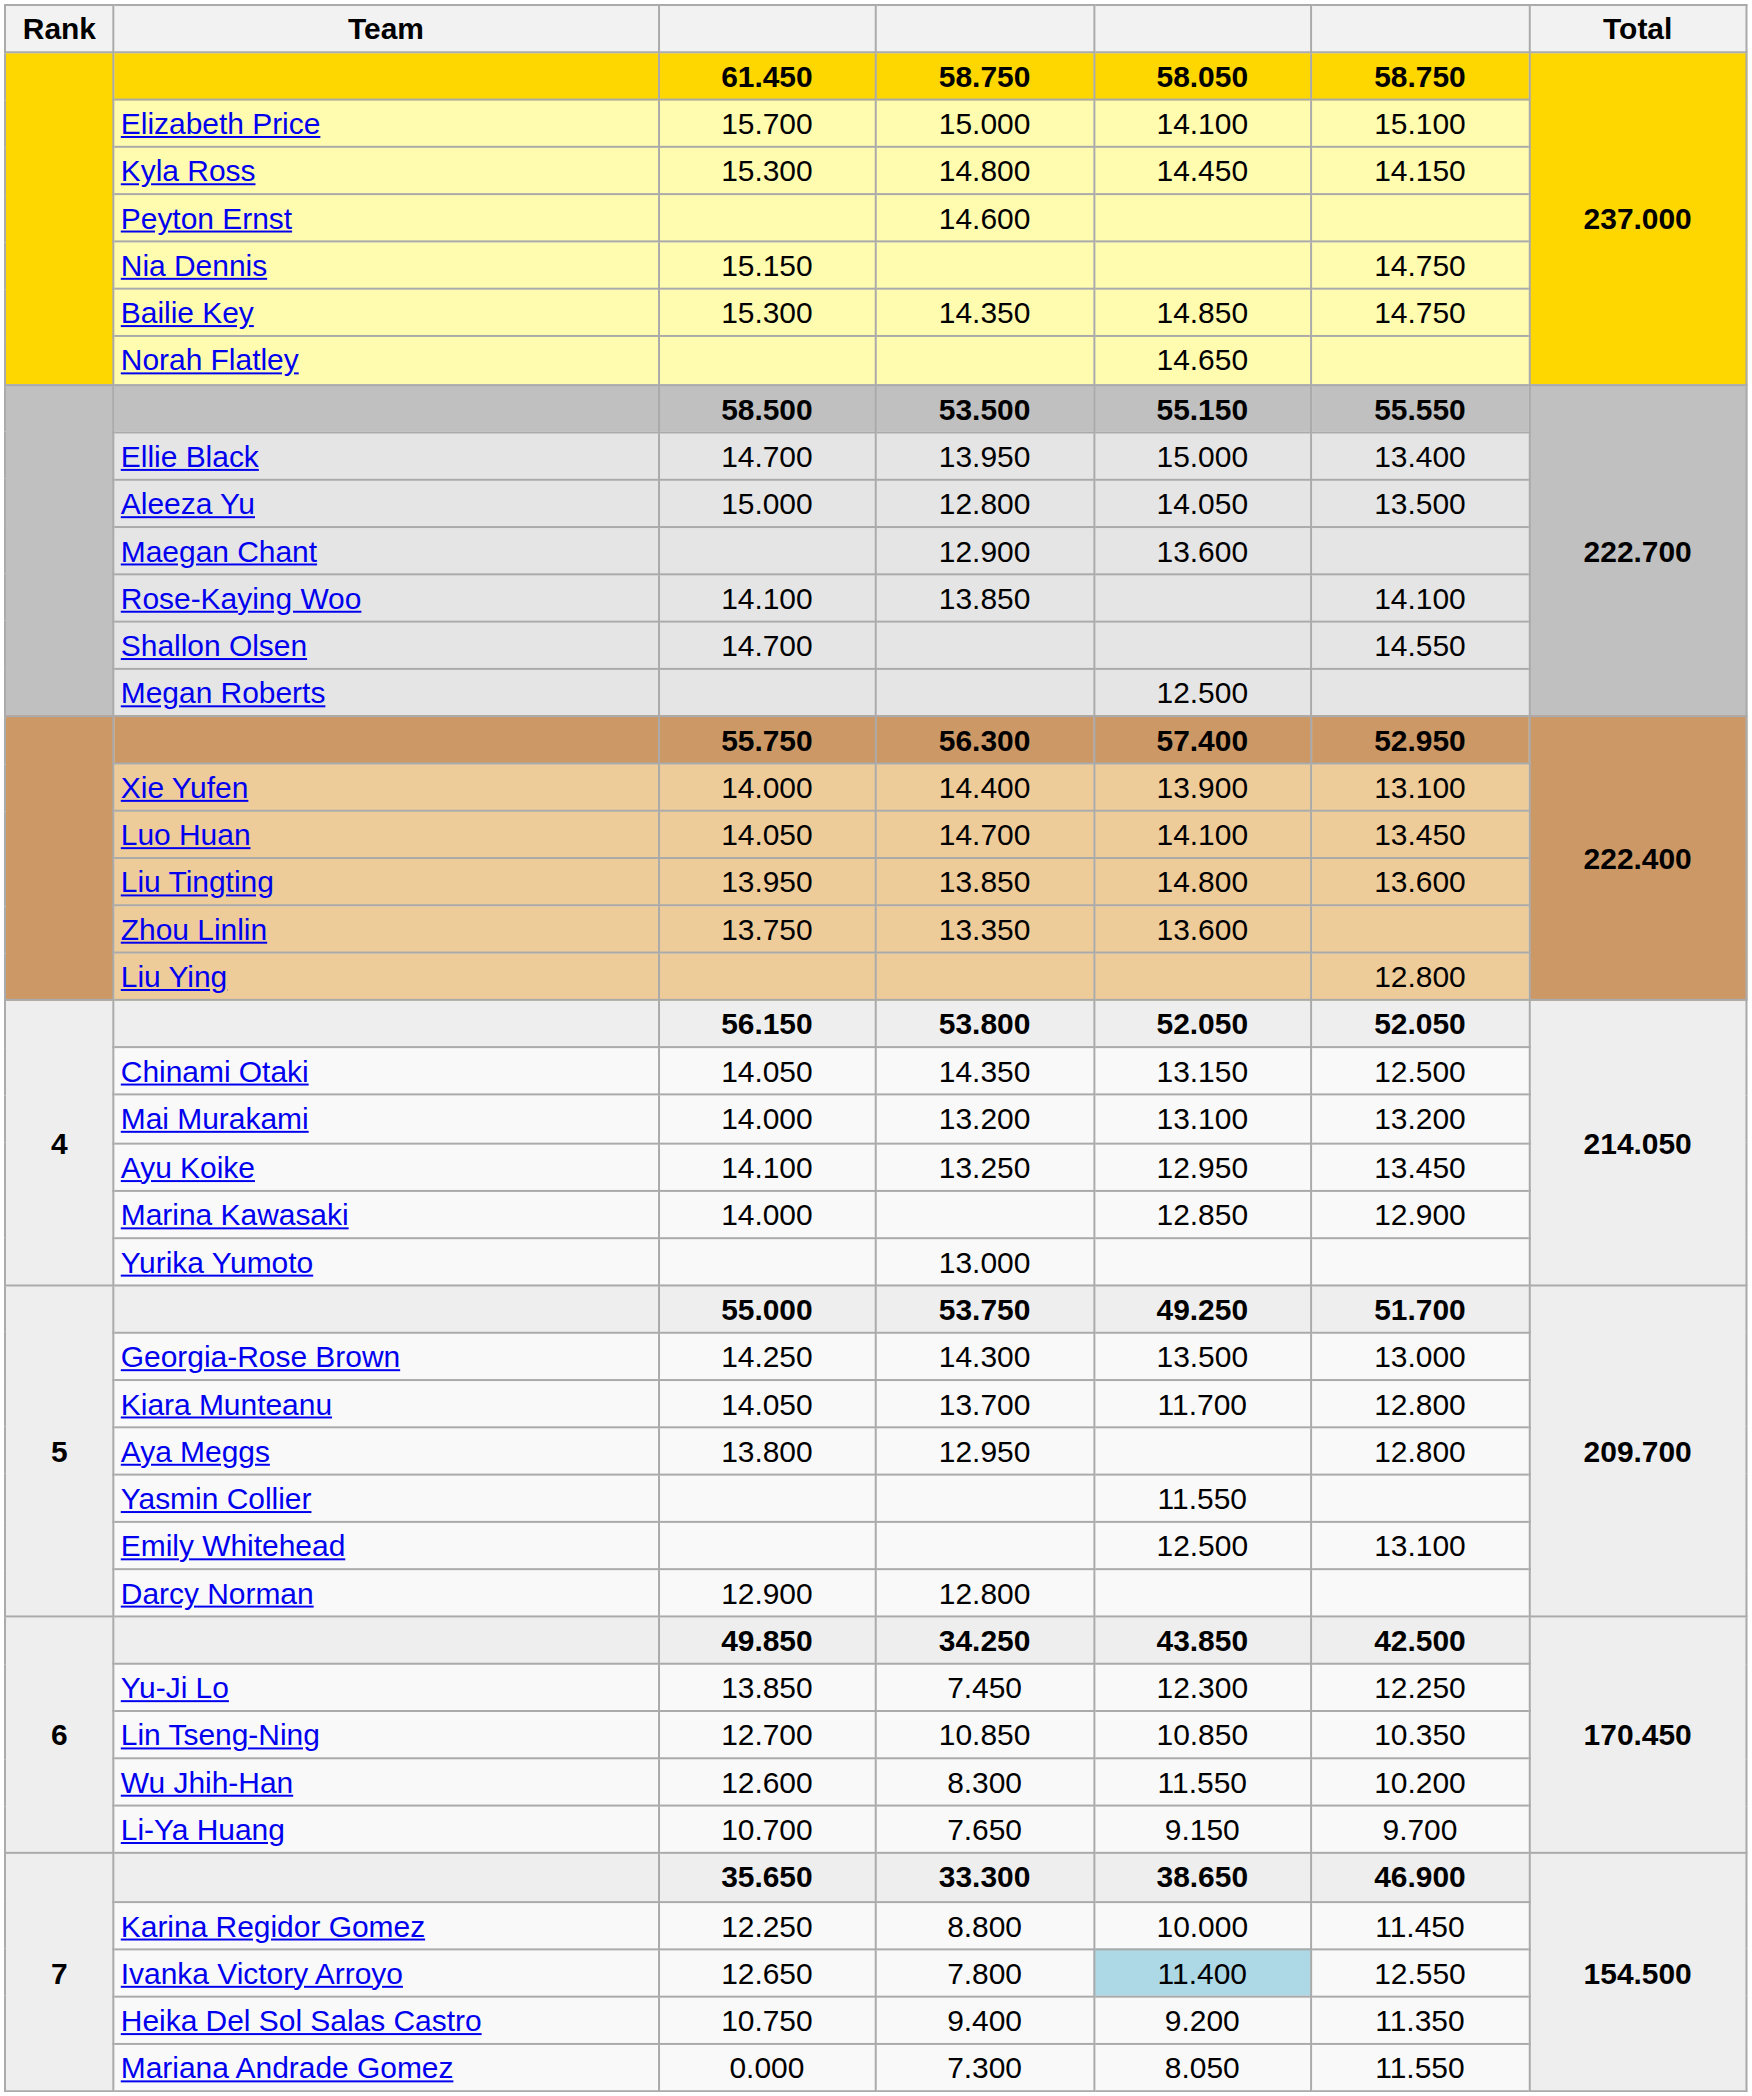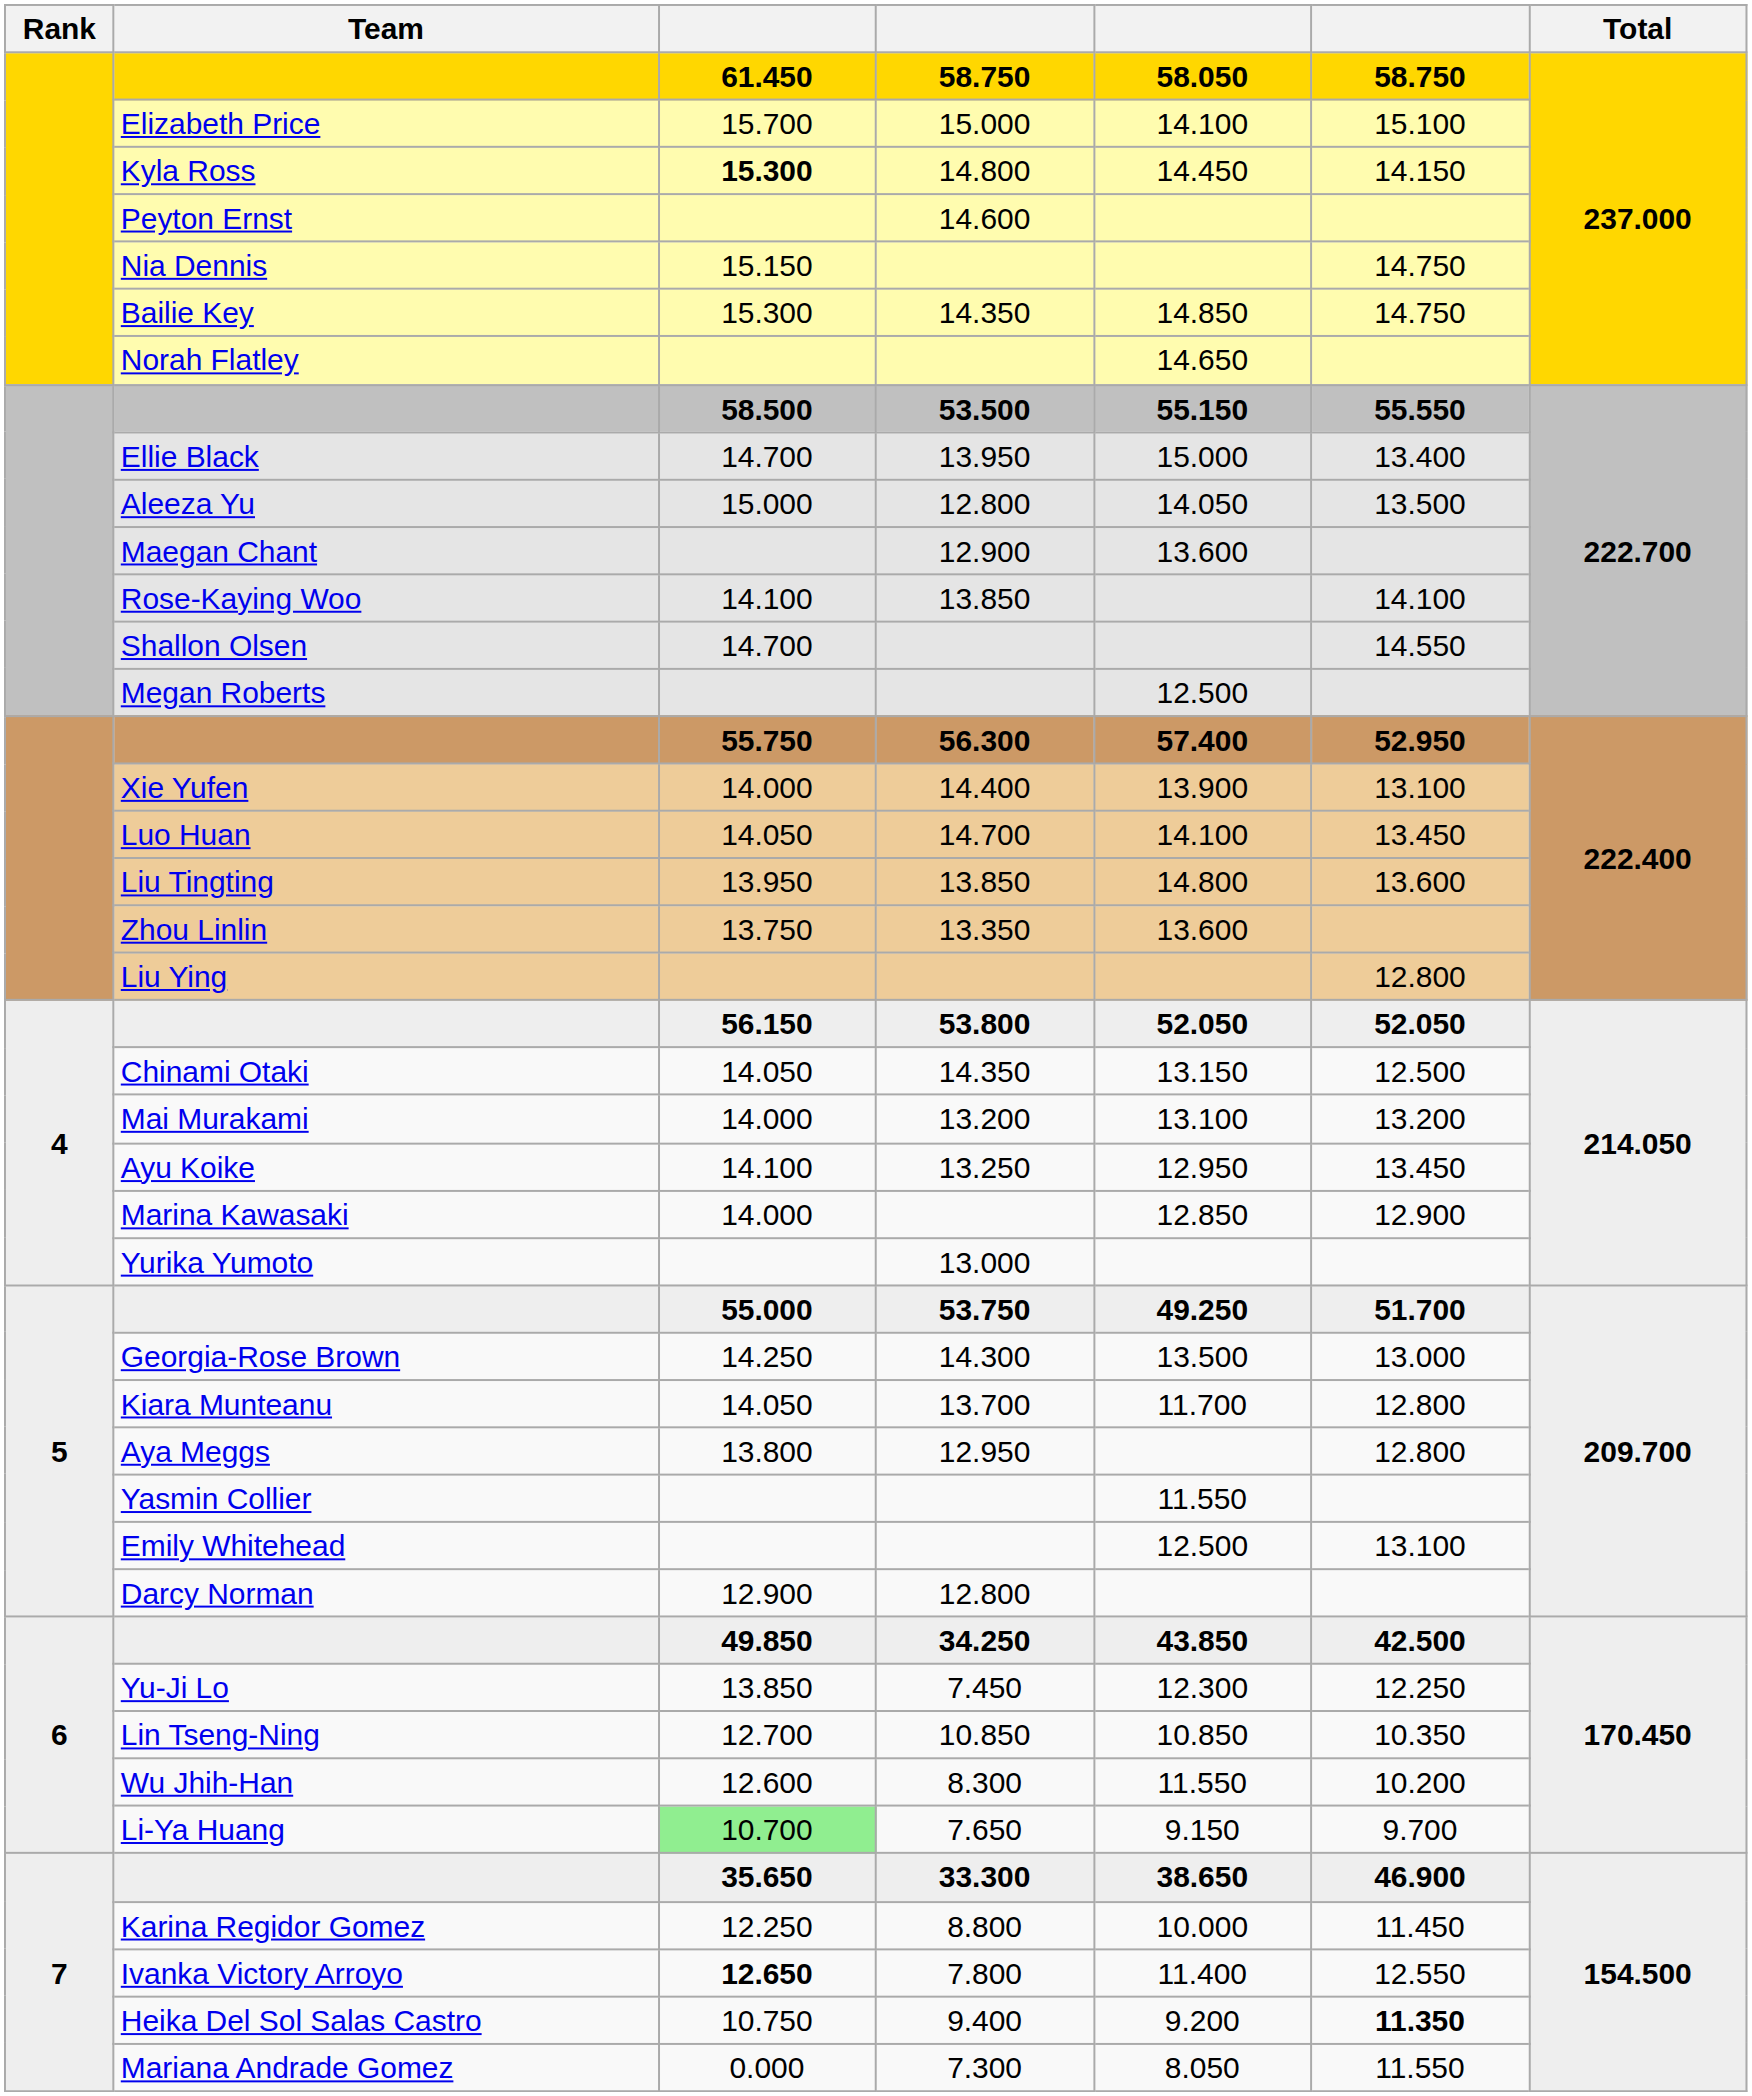 <table class="wikitable" style="text-align:center; font-size:95%">
 <tr>
 <th width="5%">Rank</th>
 <th width="25%">Team</th>
 <th width="10%"></th>
 <th width="10%"></th>
 <th width="10%"></th>
 <th width="10%"></th>
 <th width="10%">Total</th>
 </tr>
 <tr bgcolor=gold>
 <td rowspan=7></td>
 <td align="left"><strong></strong></td>
 <td><strong>61.450</strong></td>
 <td><strong>58.750</strong></td>
 <td><strong>58.050</strong></td>
 <td><strong>58.750</strong></td>
 <td rowspan=7><strong>237.000</strong></td>
 </tr>
 <tr bgcolor=fffcaf>
 <td align="left"><a href='#'>Elizabeth Price</a></td>
 <td>15.700</td>
 <td>15.000</td>
 <td>14.100</td>
 <td>15.100</td>
 </tr>
 <tr bgcolor=fffcaf>
 <td align="left"><a href='#'>Kyla Ross</a></td>
-<td>15.300</td>
+<td><strong>15.300</strong></td>
 <td>14.800</td>
 <td>14.450</td>
 <td>14.150</td>
 </tr>
 <tr bgcolor=fffcaf>
 <td align="left"><a href='#'>Peyton Ernst</a></td>
 <td></td>
 <td>14.600</td>
 <td></td>
 <td></td>
 </tr>
 <tr bgcolor=fffcaf>
 <td align="left"><a href='#'>Nia Dennis</a></td>
 <td>15.150</td>
 <td></td>
 <td></td>
 <td>14.750</td>
 </tr>
 <tr bgcolor=fffcaf>
 <td align="left"><a href='#'>Bailie Key</a></td>
 <td>15.300</td>
 <td>14.350</td>
 <td>14.850</td>
 <td>14.750</td>
 </tr>
 <tr bgcolor=fffcaf>
 <td align="left"><a href='#'>Norah Flatley</a></td>
 <td></td>
 <td></td>
 <td>14.650</td>
 <td></td>
 </tr>
 <tr bgcolor=silver>
 <td rowspan=7></td>
 <td align="left"><strong></strong></td>
 <td><strong>58.500</strong></td>
 <td><strong>53.500</strong></td>
 <td><strong>55.150</strong></td>
 <td><strong>55.550</strong></td>
 <td rowspan=7><strong>222.700</strong></td>
 </tr>
 <tr bgcolor=e5e5e5>
 <td align="left"><a href='#'>Ellie Black</a></td>
 <td>14.700</td>
 <td>13.950</td>
 <td>15.000</td>
 <td>13.400</td>
 </tr>
 <tr bgcolor=e5e5e5>
 <td align="left"><a href='#'>Aleeza Yu</a></td>
 <td>15.000</td>
 <td>12.800</td>
 <td>14.050</td>
 <td>13.500</td>
 </tr>
 <tr bgcolor=e5e5e5>
 <td align="left"><a href='#'>Maegan Chant</a></td>
 <td></td>
 <td>12.900</td>
 <td>13.600</td>
 <td></td>
 </tr>
 <tr bgcolor=e5e5e5>
 <td align="left"><a href='#'>Rose-Kaying Woo</a></td>
 <td>14.100</td>
 <td>13.850</td>
 <td></td>
 <td>14.100</td>
 </tr>
 <tr bgcolor=e5e5e5>
 <td align="left"><a href='#'>Shallon Olsen</a></td>
 <td>14.700</td>
 <td></td>
 <td></td>
 <td>14.550</td>
 </tr>
 <tr bgcolor=e5e5e5>
 <td align="left"><a href='#'>Megan Roberts</a></td>
 <td></td>
 <td></td>
 <td>12.500</td>
 <td></td>
 </tr>
 <tr bgcolor=cc9966>
 <td rowspan=6></td>
 <td align="left"><strong></strong></td>
 <td><strong>55.750</strong></td>
 <td><strong>56.300</strong></td>
 <td><strong>57.400</strong></td>
 <td><strong>52.950</strong></td>
 <td rowspan=6><strong>222.400</strong></td>
 </tr>
 <tr bgcolor=eecc99>
 <td align="left"><a href='#'>Xie Yufen</a></td>
 <td>14.000</td>
 <td>14.400</td>
 <td>13.900</td>
 <td>13.100</td>
 </tr>
 <tr bgcolor=eecc99>
 <td align="left"><a href='#'>Luo Huan</a></td>
 <td>14.050</td>
 <td>14.700</td>
 <td>14.100</td>
 <td>13.450</td>
 </tr>
 <tr bgcolor=eecc99>
 <td align="left"><a href='#'>Liu Tingting</a></td>
 <td>13.950</td>
 <td>13.850</td>
 <td>14.800</td>
 <td>13.600</td>
 </tr>
 <tr bgcolor=eecc99>
 <td align="left"><a href='#'>Zhou Linlin</a></td>
 <td>13.750</td>
 <td>13.350</td>
 <td>13.600</td>
 <td></td>
 </tr>
 <tr bgcolor=eecc99>
 <td align="left"><a href='#'>Liu Ying</a></td>
 <td></td>
 <td></td>
 <td></td>
 <td>12.800</td>
 </tr>
 <tr bgcolor=eeeeee>
 <td rowspan=6><strong>4</strong></td>
 <td align="left"><strong></strong></td>
 <td><strong>56.150</strong></td>
 <td><strong>53.800</strong></td>
 <td><strong>52.050</strong></td>
 <td><strong>52.050</strong></td>
 <td rowspan=6><strong>214.050</strong></td>
 </tr>
 <tr>
 <td align="left"><a href='#'>Chinami Otaki</a></td>
 <td>14.050</td>
 <td>14.350</td>
 <td>13.150</td>
 <td>12.500</td>
 </tr>
 <tr>
 <td align="left"><a href='#'>Mai Murakami</a></td>
 <td>14.000</td>
 <td>13.200</td>
 <td>13.100</td>
 <td>13.200</td>
 </tr>
 <tr>
 <td align="left"><a href='#'>Ayu Koike</a></td>
 <td>14.100</td>
 <td>13.250</td>
 <td>12.950</td>
 <td>13.450</td>
 </tr>
 <tr>
 <td align="left"><a href='#'>Marina Kawasaki</a></td>
 <td>14.000</td>
 <td></td>
 <td>12.850</td>
 <td>12.900</td>
 </tr>
 <tr>
 <td align="left"><a href='#'>Yurika Yumoto</a></td>
 <td></td>
 <td>13.000</td>
 <td></td>
 <td></td>
 </tr>
 <tr bgcolor=eeeeee>
 <td rowspan=7><strong>5</strong></td>
 <td align="left"><strong></strong></td>
 <td><strong>55.000</strong></td>
 <td><strong>53.750</strong></td>
 <td><strong>49.250</strong></td>
 <td><strong>51.700</strong></td>
 <td rowspan=7><strong>209.700</strong></td>
 </tr>
 <tr>
 <td align="left"><a href='#'>Georgia-Rose Brown</a></td>
 <td>14.250</td>
 <td>14.300</td>
 <td>13.500</td>
 <td>13.000</td>
 </tr>
 <tr>
 <td align="left"><a href='#'>Kiara Munteanu</a></td>
 <td>14.050</td>
 <td>13.700</td>
 <td>11.700</td>
 <td>12.800</td>
 </tr>
 <tr>
 <td align="left"><a href='#'>Aya Meggs</a></td>
 <td>13.800</td>
 <td>12.950</td>
 <td></td>
 <td>12.800</td>
 </tr>
 <tr>
 <td align="left"><a href='#'>Yasmin Collier</a></td>
 <td></td>
 <td></td>
 <td>11.550</td>
 <td></td>
 </tr>
 <tr>
 <td align="left"><a href='#'>Emily Whitehead</a></td>
 <td></td>
 <td></td>
 <td>12.500</td>
 <td>13.100</td>
 </tr>
 <tr>
 <td align="left"><a href='#'>Darcy Norman</a></td>
 <td>12.900</td>
 <td>12.800</td>
 <td></td>
 <td></td>
 </tr>
 <tr bgcolor=eeeeee>
 <td rowspan=5><strong>6</strong></td>
 <td align="left"><strong></strong></td>
 <td><strong>49.850</strong></td>
 <td><strong>34.250</strong></td>
 <td><strong>43.850</strong></td>
 <td><strong>42.500</strong></td>
 <td rowspan=5><strong>170.450</strong></td>
 </tr>
 <tr>
 <td align="left"><a href='#'>Yu-Ji Lo</a></td>
 <td>13.850</td>
 <td>7.450</td>
 <td>12.300</td>
 <td>12.250</td>
 </tr>
 <tr>
 <td align="left"><a href='#'>Lin Tseng-Ning</a></td>
 <td>12.700</td>
 <td>10.850</td>
 <td>10.850</td>
 <td>10.350</td>
 </tr>
 <tr>
 <td align="left"><a href='#'>Wu Jhih-Han</a></td>
 <td>12.600</td>
 <td>8.300</td>
 <td>11.550</td>
 <td>10.200</td>
 </tr>
 <tr>
 <td align="left"><a href='#'>Li-Ya Huang</a></td>
-<td>10.700</td>
+<td style="background: lightgreen;">10.700</td>
 <td>7.650</td>
 <td>9.150</td>
 <td>9.700</td>
 </tr>
 <tr bgcolor=eeeeee>
 <td rowspan=5><strong>7</strong></td>
 <td align="left"><strong></strong></td>
 <td><strong>35.650</strong></td>
 <td><strong>33.300</strong></td>
 <td><strong>38.650</strong></td>
 <td><strong>46.900</strong></td>
 <td rowspan=5><strong>154.500</strong></td>
 </tr>
 <tr>
 <td align="left"><a href='#'>Karina Regidor Gomez</a></td>
 <td>12.250</td>
 <td>8.800</td>
 <td>10.000</td>
 <td>11.450</td>
 </tr>
 <tr>
 <td align="left"><a href='#'>Ivanka Victory Arroyo</a></td>
-<td>12.650</td>
+<td><strong>12.650</strong></td>
 <td>7.800</td>
-<td style="background: lightblue;">11.400</td>
+<td>11.400</td>
 <td>12.550</td>
 </tr>
 <tr>
 <td align="left"><a href='#'>Heika Del Sol Salas Castro</a></td>
 <td>10.750</td>
 <td>9.400</td>
 <td>9.200</td>
-<td>11.350</td>
+<td><strong>11.350</strong></td>
 </tr>
 <tr>
 <td align="left"><a href='#'>Mariana Andrade Gomez</a></td>
 <td>0.000</td>
 <td>7.300</td>
 <td>8.050</td>
 <td>11.550</td>
 </tr>
 </table>
